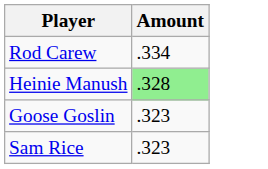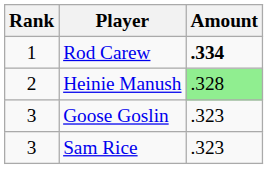 <table class="wikitable" style="font-size: 95%; text-align:left;">
 <tr>
+<th>Rank</th>
 <th>Player</th>
 <th>Amount</th>
 </tr>
 <tr>
+<td align="center">1</td>
 <td><a href='#'>Rod Carew</a></td>
-<td>.334</td>
+<td><strong>.334</strong></td>
 </tr>
 <tr>
+<td align="center">2</td>
 <td><a href='#'>Heinie Manush</a></td>
 <td style="background: lightgreen;">.328</td>
 </tr>
 <tr>
+<td align="center">3</td>
 <td><a href='#'>Goose Goslin</a></td>
 <td>.323</td>
 </tr>
 <tr>
+<td align="center">3</td>
 <td><a href='#'>Sam Rice</a></td>
 <td>.323</td>
 </tr>
 </table>
